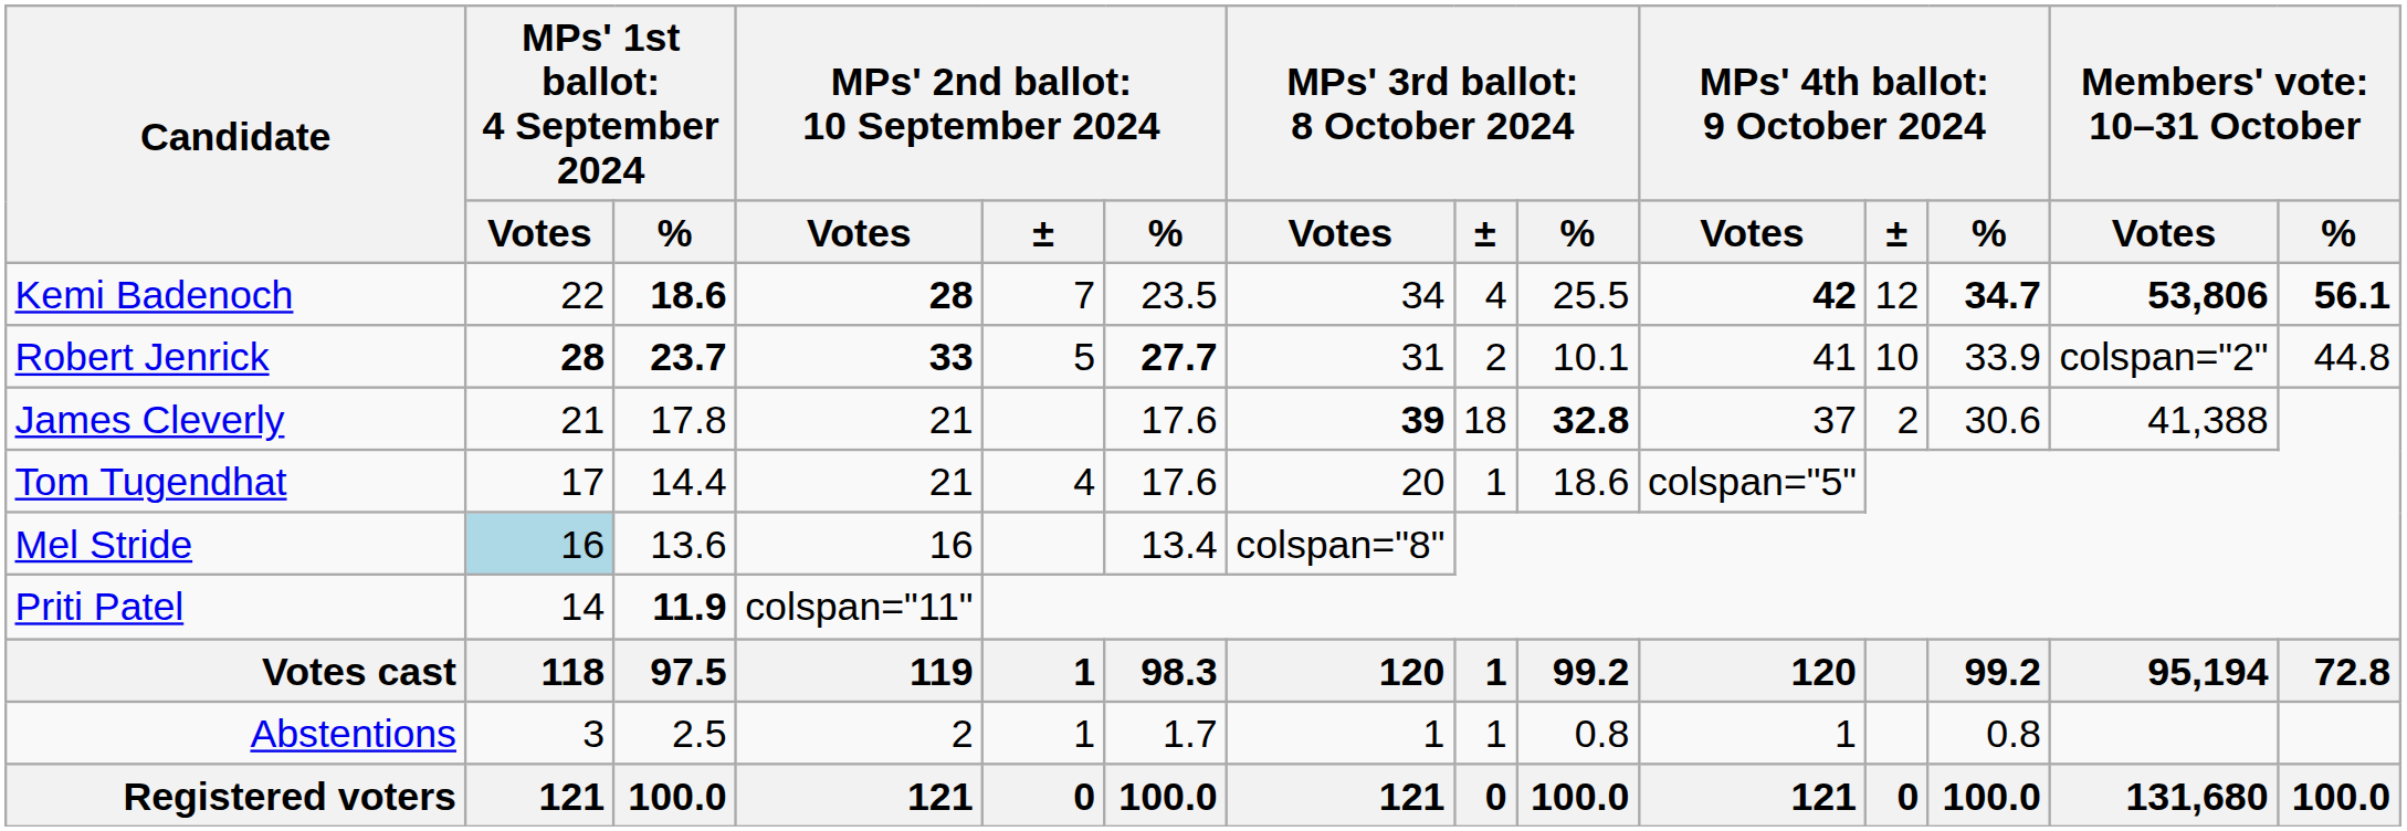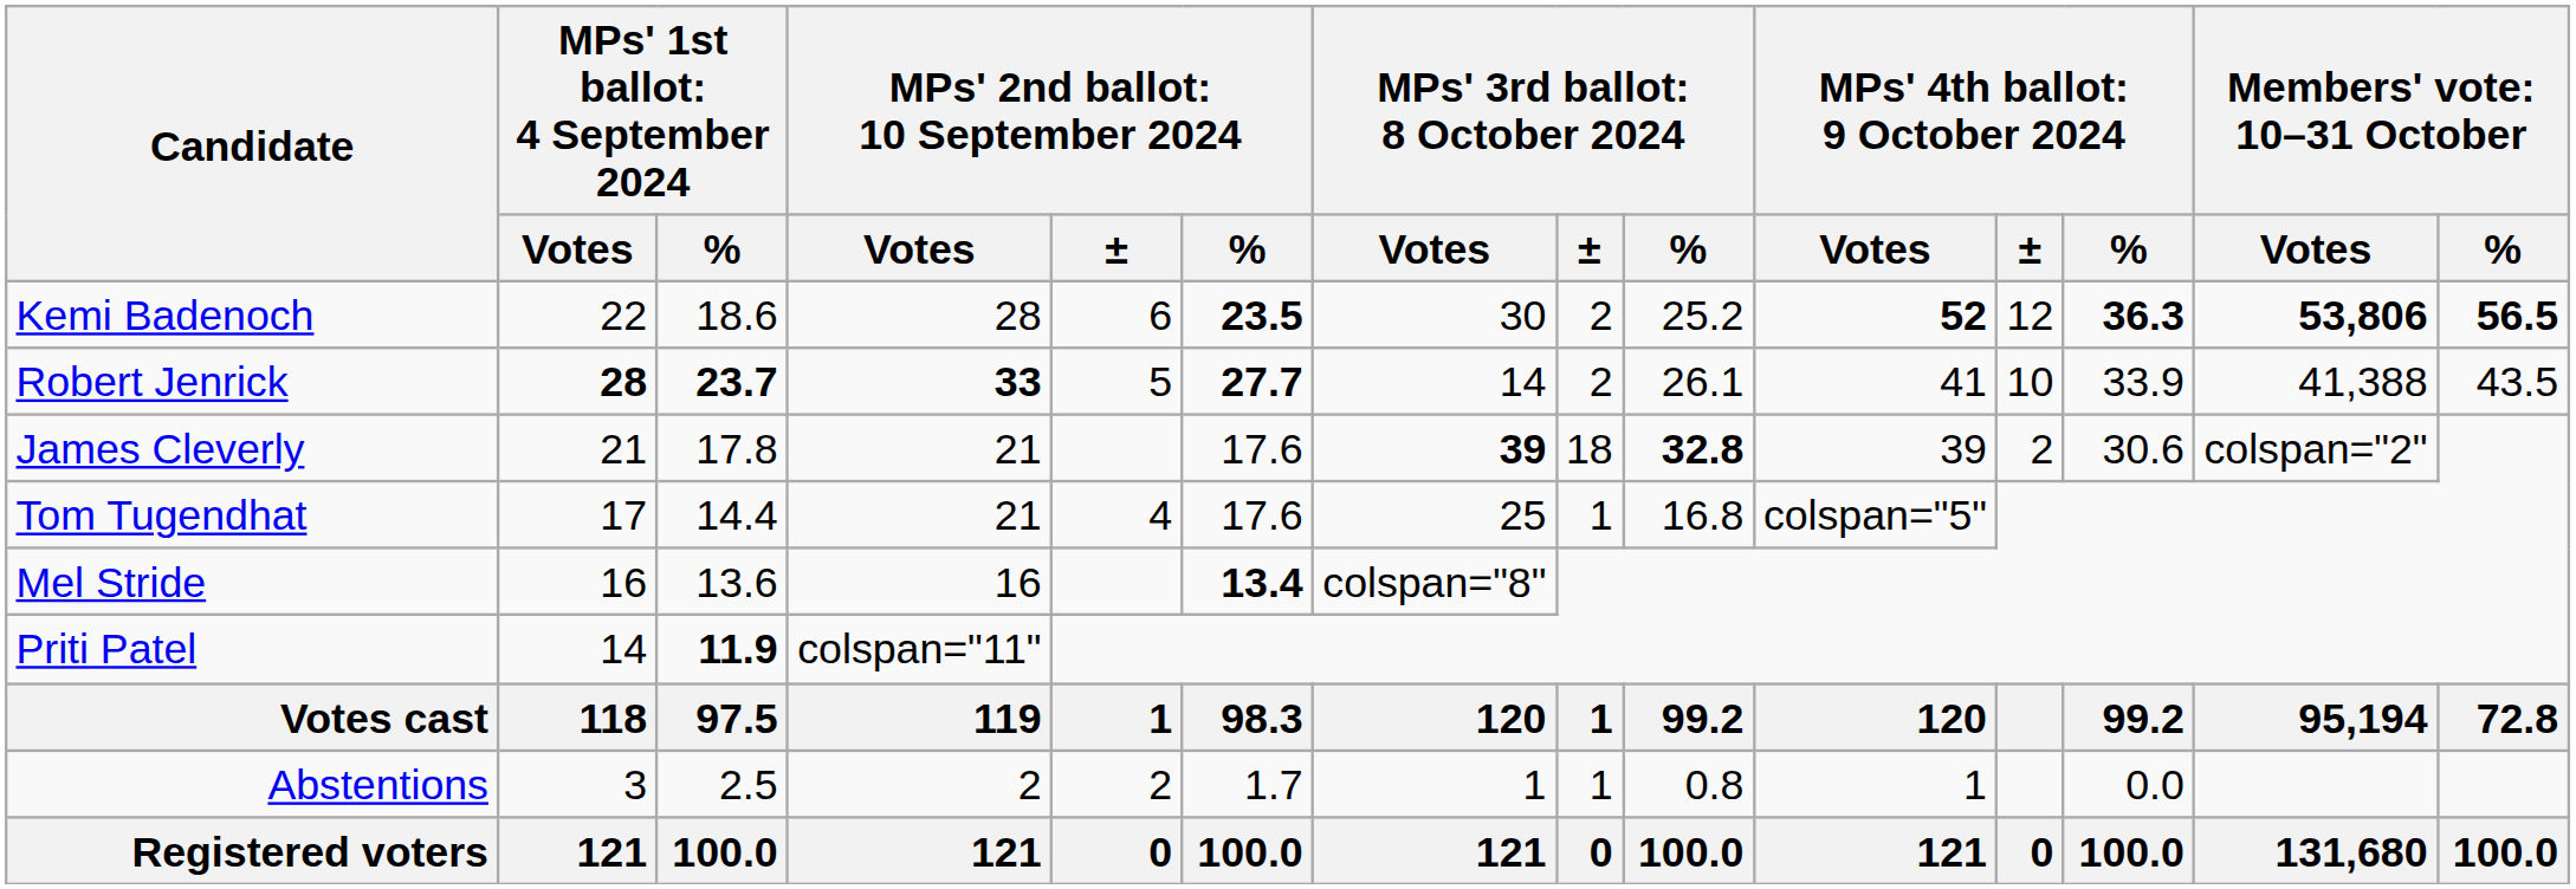 <table class="wikitable plainrowheaders" style="font-size:95%; text-align:right" |>
 <tr>
 <th rowspan="2">Candidate</th>
 <th colspan="2">MPs' 1st ballot:<br>4 September 2024</th>
 <th colspan="3">MPs' 2nd ballot:<br>10 September 2024</th>
 <th colspan="3">MPs' 3rd ballot:<br>8 October 2024</th>
 <th colspan="3">MPs' 4th ballot:<br>9 October 2024</th>
 <th colspan="2">Members' vote:<br>10–31 October</th>
 </tr>
 <tr>
 <th style="width: 50px">Votes</th>
 <th style="width: 40px">%</th>
 <th style="width: 50px">Votes</th>
 <th style="width: 40px">±</th>
 <th style="width: 40px">%</th>
 <th style="width: 50px">Votes</th>
 <th>±</th>
 <th style="width: 40px">%</th>
 <th style="width: 50px">Votes</th>
 <th>±</th>
 <th style="width: 40px">%</th>
 <th style="width: 50px">Votes</th>
 <th style="width: 40px">%</th>
 </tr>
 <tr>
 <td style="width: 170px; text-align:left"><a href='#'>Kemi Badenoch</a></td>
 <td>22</td>
-<td><strong>18.6</strong></td>
-<td><strong>28</strong></td>
-<td>7</td>
-<td>23.5</td>
-<td>34</td>
-<td>4</td>
-<td>25.5</td>
-<td><strong>42</strong></td>
+<td>18.6</td>
+<td>28</td>
+<td>6</td>
+<td><strong>23.5</strong></td>
+<td>30</td>
+<td>2</td>
+<td>25.2</td>
+<td><strong>52</strong></td>
 <td>12</td>
-<td><strong>34.7</strong></td>
+<td><strong>36.3</strong></td>
 <td><strong>53,806</strong></td>
-<td><strong>56.1</strong></td>
+<td><strong>56.5</strong></td>
 </tr>
 <tr>
 <td style="width: 170px; text-align:left"><a href='#'>Robert Jenrick</a></td>
 <td><strong>28</strong></td>
 <td><strong>23.7</strong></td>
 <td><strong>33</strong></td>
 <td>5</td>
 <td><strong>27.7</strong></td>
-<td>31</td>
+<td>14</td>
 <td>2</td>
-<td>10.1</td>
+<td>26.1</td>
 <td>41</td>
 <td>10</td>
 <td>33.9</td>
-<td>colspan="2" </td>
-<td>44.8</td>
+<td>41,388</td>
+<td>43.5</td>
 </tr>
 <tr>
 <td style="width: 170px; text-align:left"><a href='#'>James Cleverly</a></td>
 <td>21</td>
 <td>17.8</td>
 <td>21</td>
 <td></td>
 <td>17.6</td>
 <td><strong>39</strong></td>
 <td>18</td>
 <td><strong>32.8</strong></td>
-<td>37</td>
+<td>39</td>
 <td>2</td>
 <td>30.6</td>
-<td>41,388</td>
+<td>colspan="2" </td>
 </tr>
 <tr>
 <td style="width: 170px; text-align:left"><a href='#'>Tom Tugendhat</a></td>
 <td>17</td>
 <td>14.4</td>
 <td>21</td>
 <td>4</td>
 <td>17.6</td>
-<td>20</td>
+<td>25</td>
 <td>1</td>
-<td>18.6</td>
+<td>16.8</td>
 <td>colspan="5" </td>
 </tr>
 <tr>
 <td style="width: 170px; text-align:left"><a href='#'>Mel Stride</a></td>
-<td style="background: lightblue;">16</td>
+<td>16</td>
 <td>13.6</td>
 <td>16</td>
 <td></td>
-<td>13.4</td>
+<td><strong>13.4</strong></td>
 <td>colspan="8" </td>
 </tr>
 <tr>
 <td style="width: 170px; text-align:left"><a href='#'>Priti Patel</a></td>
 <td>14</td>
 <td><strong>11.9</strong></td>
 <td>colspan="11" </td>
 </tr>
 <tr>
 <th style="text-align:right;">Votes cast</th>
 <th scope="row" style="text-align:right;">118</th>
 <th scope="row" style="text-align:right;">97.5</th>
 <th scope="row" style="text-align:right;">119</th>
 <th scope="row" style="text-align:right;">1</th>
 <th scope="row" style="text-align:right;">98.3</th>
 <th scope="row" style="text-align:right;">120</th>
 <th scope="row" style="text-align:right;">1</th>
 <th scope="row" style="text-align:right;">99.2</th>
 <th scope="row" style="text-align:right;">120</th>
 <th scope="row" style="text-align:right;"></th>
 <th scope="row" style="text-align:right;">99.2</th>
 <th scope="row" style="text-align:right;">95,194</th>
 <th scope="row" style="text-align:right;">72.8</th>
 </tr>
 <tr>
 <td scope="row" style="text-align:right;"><a href='#'>Abstentions</a></td>
 <td scope="row" style="text-align:right;">3</td>
 <td scope="row" style="text-align:right;">2.5</td>
 <td scope="row" style="text-align:right;">2</td>
-<td scope="row" style="text-align:right;">1</td>
+<td scope="row" style="text-align:right;">2</td>
 <td scope="row" style="text-align:right;">1.7</td>
 <td scope="row" style="text-align:right;">1</td>
 <td scope="row" style="text-align:right;">1</td>
 <td scope="row" style="text-align:right;">0.8</td>
 <td scope="row" style="text-align:right;">1</td>
 <td scope="row" style="text-align:right;"></td>
-<td scope="row" style="text-align:right;">0.8</td>
+<td scope="row" style="text-align:right;">0.0</td>
 <td scope="row" style="text-align:right;"></td>
 <td scope="row" style="text-align:right;"></td>
 </tr>
 <tr>
 <th scope="row" style="text-align:right;">Registered voters</th>
 <th scope="row" style="text-align:right;">121</th>
 <th scope="row" style="text-align:right;">100.0</th>
 <th scope="row" style="text-align:right;">121</th>
 <th scope="row" style="text-align:right;">0</th>
 <th scope="row" style="text-align:right;">100.0</th>
 <th scope="row" style="text-align:right;">121</th>
 <th scope="row" style="text-align:right;">0</th>
 <th scope="row" style="text-align:right;">100.0</th>
 <th scope="row" style="text-align:right;">121</th>
 <th scope="row" style="text-align:right;">0</th>
 <th scope="row" style="text-align:right;">100.0</th>
 <th scope="row" style="text-align:right;">131,680</th>
 <th scope="row" style="text-align:right;">100.0</th>
 </tr>
 </table>
